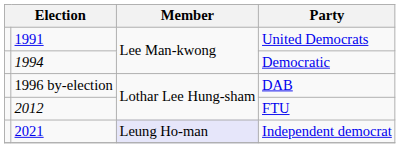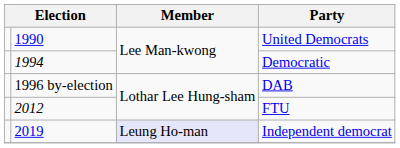 <table class="wikitable">
 <tr>
 <th colspan="2">Election</th>
 <th>Member</th>
 <th>Party</th>
 </tr>
 <tr>
 <td style="background-color: "></td>
-<td><a href='#'>1991</a></td>
+<td><a href='#'>1990</a></td>
 <td rowspan=2>Lee Man-kwong</td>
 <td><a href='#'>United Democrats</a></td>
 </tr>
 <tr>
 <td style="background-color: "></td>
 <td><em>1994</em></td>
 <td><a href='#'>Democratic</a></td>
 </tr>
 <tr>
 <td style="background-color: "></td>
 <td>1996 by-election</td>
 <td rowspan=2>Lothar Lee Hung-sham</td>
 <td><a href='#'>DAB</a></td>
 </tr>
 <tr>
 <td style="background-color: "></td>
 <td><em>2012</em></td>
 <td><a href='#'>FTU</a></td>
 </tr>
 <tr>
 <td style="background-color: "></td>
-<td><a href='#'>2021</a></td>
+<td><a href='#'>2019</a></td>
 <td style="background: lavender;">Leung Ho-man</td>
 <td><a href='#'>Independent democrat</a></td>
 </tr>
 <tr>
 </tr>
 </table>
